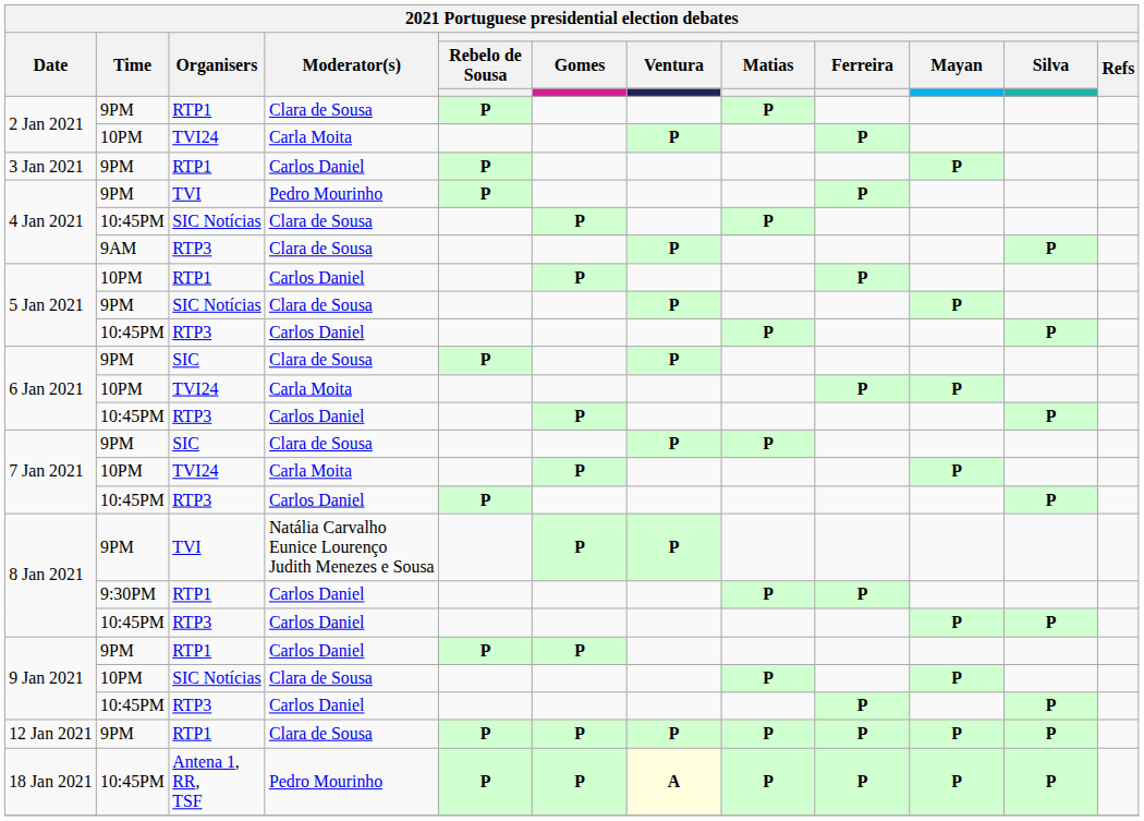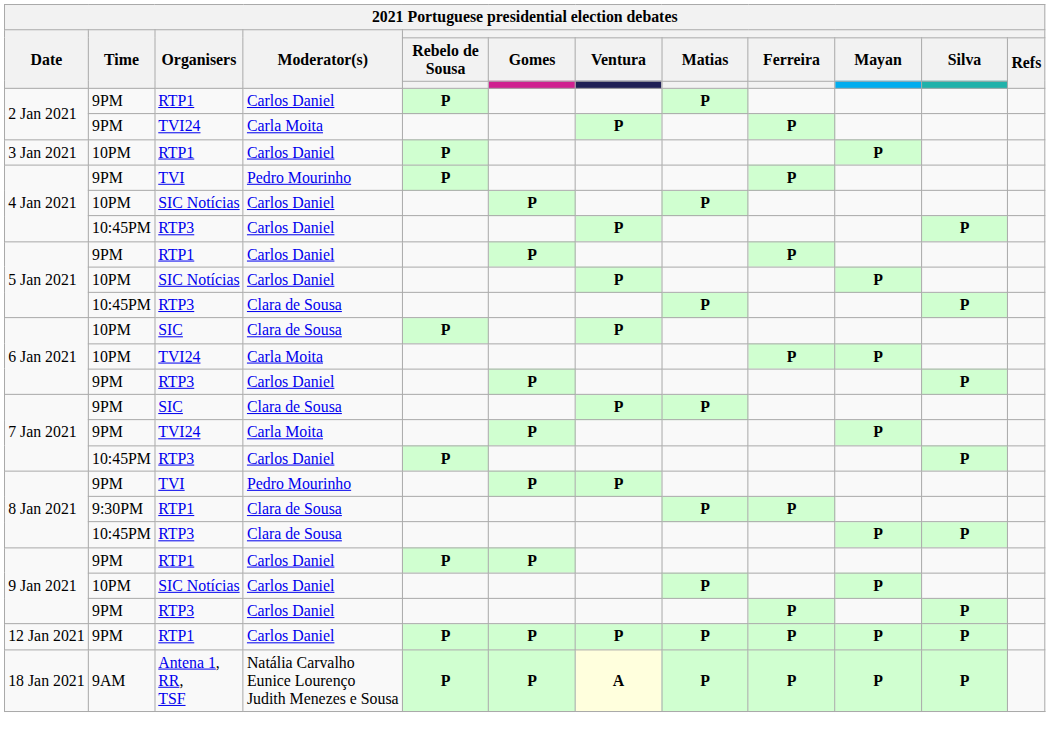 <table class="wikitable" style="font-size:98%; text-align:center;">
 <tr>
 <th colspan="22">2021 Portuguese presidential election debates</th>
 </tr>
 <tr>
 <th rowspan="3">Date</th>
 <th rowspan="3">Time</th>
 <th rowspan="3">Organisers</th>
 <th rowspan="3">Moderator(s)</th>
 <th colspan="19">      </th>
 </tr>
 <tr>
 <th scope="col" style="width:5em;">Rebelo de Sousa</th>
 <th scope="col" style="width:5em;">Gomes</th>
 <th scope="col" style="width:5em;">Ventura</th>
 <th scope="col" style="width:5em;">Matias</th>
 <th scope="col" style="width:5em;">Ferreira</th>
 <th scope="col" style="width:5em;">Mayan</th>
 <th scope="col" style="width:5em;">Silva</th>
 <th rowspan="2">Refs</th>
 </tr>
 <tr>
 <th style="background:"></th>
 <th style="background:#D02090"></th>
 <th style="background:#202056;"></th>
 <th style="background:"></th>
 <th style="background:"></th>
 <th style="background:#00ADEF;"></th>
 <th style="background:LightSeaGreen;"></th>
 </tr>
 <tr>
 <td rowspan="2" style="white-space:nowrap; text-align:left;">2 Jan 2021</td>
 <td style="white-space:nowrap; text-align:left;">9PM</td>
 <td style="white-space:nowrap; text-align:left;"><a href='#'>RTP1</a></td>
-<td style="white-space:nowrap; text-align:left;"><a href='#'>Clara de Sousa</a></td>
+<td style="white-space:nowrap; text-align:left;"><a href='#'>Carlos Daniel</a></td>
 <td style="background:#D0FFD0;"><strong>P</strong></td>
 <td></td>
 <td></td>
 <td style="background:#D0FFD0;"><strong>P</strong></td>
 <td></td>
 <td></td>
 <td></td>
 <td></td>
 </tr>
 <tr>
-<td style="white-space:nowrap; text-align:left;">10PM</td>
+<td style="white-space:nowrap; text-align:left;">9PM</td>
 <td style="white-space:nowrap; text-align:left;"><a href='#'>TVI24</a></td>
 <td style="white-space:nowrap; text-align:left;"><a href='#'>Carla Moita</a></td>
 <td></td>
 <td></td>
 <td style="background:#D0FFD0;"><strong>P</strong></td>
 <td></td>
 <td style="background:#D0FFD0;"><strong>P</strong></td>
 <td></td>
 <td></td>
 <td></td>
 </tr>
 <tr>
 <td style="white-space:nowrap; text-align:left;">3 Jan 2021</td>
-<td style="white-space:nowrap; text-align:left;">9PM</td>
+<td style="white-space:nowrap; text-align:left;">10PM</td>
 <td style="white-space:nowrap; text-align:left;"><a href='#'>RTP1</a></td>
 <td style="white-space:nowrap; text-align:left;"><a href='#'>Carlos Daniel</a></td>
 <td style="background:#D0FFD0;"><strong>P</strong></td>
 <td></td>
 <td></td>
 <td></td>
 <td></td>
 <td style="background:#D0FFD0;"><strong>P</strong></td>
 <td></td>
 <td></td>
 </tr>
 <tr>
 <td rowspan="3" style="white-space:nowrap; text-align:left;">4 Jan 2021</td>
 <td style="white-space:nowrap; text-align:left;">9PM</td>
 <td style="white-space:nowrap; text-align:left;"><a href='#'>TVI</a></td>
 <td style="white-space:nowrap; text-align:left;"><a href='#'>Pedro Mourinho</a></td>
 <td style="background:#D0FFD0;"><strong>P</strong></td>
 <td></td>
 <td></td>
 <td></td>
 <td style="background:#D0FFD0;"><strong>P</strong></td>
 <td></td>
 <td></td>
 <td></td>
 </tr>
 <tr>
-<td style="white-space:nowrap; text-align:left;">10:45PM</td>
+<td style="white-space:nowrap; text-align:left;">10PM</td>
 <td style="white-space:nowrap; text-align:left;"><a href='#'>SIC Notícias</a></td>
-<td style="white-space:nowrap; text-align:left;"><a href='#'>Clara de Sousa</a></td>
+<td style="white-space:nowrap; text-align:left;"><a href='#'>Carlos Daniel</a></td>
 <td></td>
 <td style="background:#D0FFD0;"><strong>P</strong></td>
 <td></td>
 <td style="background:#D0FFD0;"><strong>P</strong></td>
 <td></td>
 <td></td>
 <td></td>
 <td></td>
 </tr>
 <tr>
-<td style="white-space:nowrap; text-align:left;">9AM</td>
+<td style="white-space:nowrap; text-align:left;">10:45PM</td>
 <td style="white-space:nowrap; text-align:left;"><a href='#'>RTP3</a></td>
-<td style="white-space:nowrap; text-align:left;"><a href='#'>Clara de Sousa</a></td>
+<td style="white-space:nowrap; text-align:left;"><a href='#'>Carlos Daniel</a></td>
 <td></td>
 <td></td>
 <td style="background:#D0FFD0;"><strong>P</strong></td>
 <td></td>
 <td></td>
 <td></td>
 <td style="background:#D0FFD0;"><strong>P</strong></td>
 <td></td>
 </tr>
 <tr>
 <td rowspan="3" style="white-space:nowrap; text-align:left;">5 Jan 2021</td>
-<td style="white-space:nowrap; text-align:left;">10PM</td>
+<td style="white-space:nowrap; text-align:left;">9PM</td>
 <td style="white-space:nowrap; text-align:left;"><a href='#'>RTP1</a></td>
 <td style="white-space:nowrap; text-align:left;"><a href='#'>Carlos Daniel</a></td>
 <td></td>
 <td style="background:#D0FFD0;"><strong>P</strong></td>
 <td></td>
 <td></td>
 <td style="background:#D0FFD0;"><strong>P</strong></td>
 <td></td>
 <td></td>
 <td></td>
 </tr>
 <tr>
-<td style="white-space:nowrap; text-align:left;">9PM</td>
+<td style="white-space:nowrap; text-align:left;">10PM</td>
 <td style="white-space:nowrap; text-align:left;"><a href='#'>SIC Notícias</a></td>
-<td style="white-space:nowrap; text-align:left;"><a href='#'>Clara de Sousa</a></td>
+<td style="white-space:nowrap; text-align:left;"><a href='#'>Carlos Daniel</a></td>
 <td></td>
 <td></td>
 <td style="background:#D0FFD0;"><strong>P</strong></td>
 <td></td>
 <td></td>
 <td style="background:#D0FFD0;"><strong>P</strong></td>
 <td></td>
 <td></td>
 </tr>
 <tr>
 <td style="white-space:nowrap; text-align:left;">10:45PM</td>
 <td style="white-space:nowrap; text-align:left;"><a href='#'>RTP3</a></td>
-<td style="white-space:nowrap; text-align:left;"><a href='#'>Carlos Daniel</a></td>
+<td style="white-space:nowrap; text-align:left;"><a href='#'>Clara de Sousa</a></td>
 <td></td>
 <td></td>
 <td></td>
 <td style="background:#D0FFD0;"><strong>P</strong></td>
 <td></td>
 <td></td>
 <td style="background:#D0FFD0;"><strong>P</strong></td>
 <td></td>
 </tr>
 <tr>
 <td rowspan="3" style="white-space:nowrap; text-align:left;">6 Jan 2021</td>
-<td style="white-space:nowrap; text-align:left;">9PM</td>
+<td style="white-space:nowrap; text-align:left;">10PM</td>
 <td style="white-space:nowrap; text-align:left;"><a href='#'>SIC</a></td>
 <td style="white-space:nowrap; text-align:left;"><a href='#'>Clara de Sousa</a></td>
 <td style="background:#D0FFD0;"><strong>P</strong></td>
 <td></td>
 <td style="background:#D0FFD0;"><strong>P</strong></td>
 <td></td>
 <td></td>
 <td></td>
 <td></td>
 <td></td>
 </tr>
 <tr>
 <td style="white-space:nowrap; text-align:left;">10PM</td>
 <td style="white-space:nowrap; text-align:left;"><a href='#'>TVI24</a></td>
 <td style="white-space:nowrap; text-align:left;"><a href='#'>Carla Moita</a></td>
 <td></td>
 <td></td>
 <td></td>
 <td></td>
 <td style="background:#D0FFD0;"><strong>P</strong></td>
 <td style="background:#D0FFD0;"><strong>P</strong></td>
 <td></td>
 <td></td>
 </tr>
 <tr>
-<td style="white-space:nowrap; text-align:left;">10:45PM</td>
+<td style="white-space:nowrap; text-align:left;">9PM</td>
 <td style="white-space:nowrap; text-align:left;"><a href='#'>RTP3</a></td>
 <td style="white-space:nowrap; text-align:left;"><a href='#'>Carlos Daniel</a></td>
 <td></td>
 <td style="background:#D0FFD0;"><strong>P</strong></td>
 <td></td>
 <td></td>
 <td></td>
 <td></td>
 <td style="background:#D0FFD0;"><strong>P</strong></td>
 <td></td>
 </tr>
 <tr>
 <td rowspan="3" style="white-space:nowrap; text-align:left;">7 Jan 2021</td>
 <td style="white-space:nowrap; text-align:left;">9PM</td>
 <td style="white-space:nowrap; text-align:left;"><a href='#'>SIC</a></td>
 <td style="white-space:nowrap; text-align:left;"><a href='#'>Clara de Sousa</a></td>
 <td></td>
 <td></td>
 <td style="background:#D0FFD0;"><strong>P</strong></td>
 <td style="background:#D0FFD0;"><strong>P</strong></td>
 <td></td>
 <td></td>
 <td></td>
 <td></td>
 </tr>
 <tr>
-<td style="white-space:nowrap; text-align:left;">10PM</td>
+<td style="white-space:nowrap; text-align:left;">9PM</td>
 <td style="white-space:nowrap; text-align:left;"><a href='#'>TVI24</a></td>
 <td style="white-space:nowrap; text-align:left;"><a href='#'>Carla Moita</a></td>
 <td></td>
 <td style="background:#D0FFD0;"><strong>P</strong></td>
 <td></td>
 <td></td>
 <td></td>
 <td style="background:#D0FFD0;"><strong>P</strong></td>
 <td></td>
 <td></td>
 </tr>
 <tr>
 <td style="white-space:nowrap; text-align:left;">10:45PM</td>
 <td style="white-space:nowrap; text-align:left;"><a href='#'>RTP3</a></td>
 <td style="white-space:nowrap; text-align:left;"><a href='#'>Carlos Daniel</a></td>
 <td style="background:#D0FFD0;"><strong>P</strong></td>
 <td></td>
 <td></td>
 <td></td>
 <td></td>
 <td></td>
 <td style="background:#D0FFD0;"><strong>P</strong></td>
 <td></td>
 </tr>
 <tr>
 <td rowspan="3" style="white-space:nowrap; text-align:left;">8 Jan 2021</td>
 <td style="white-space:nowrap; text-align:left;">9PM</td>
 <td style="white-space:nowrap; text-align:left;"><a href='#'>TVI</a></td>
-<td style="white-space:nowrap; text-align:left;">Natália Carvalho<br>Eunice Lourenço<br>Judith Menezes e Sousa</td>
+<td style="white-space:nowrap; text-align:left;"><a href='#'>Pedro Mourinho</a></td>
 <td></td>
 <td style="background:#D0FFD0;"><strong>P</strong></td>
 <td style="background:#D0FFD0;"><strong>P</strong></td>
 <td></td>
 <td></td>
 <td></td>
 <td></td>
 <td></td>
 </tr>
 <tr>
 <td style="white-space:nowrap; text-align:left;">9:30PM</td>
 <td style="white-space:nowrap; text-align:left;"><a href='#'>RTP1</a></td>
-<td style="white-space:nowrap; text-align:left;"><a href='#'>Carlos Daniel</a></td>
+<td style="white-space:nowrap; text-align:left;"><a href='#'>Clara de Sousa</a></td>
 <td></td>
 <td></td>
 <td></td>
 <td style="background:#D0FFD0;"><strong>P</strong></td>
 <td style="background:#D0FFD0;"><strong>P</strong></td>
 <td></td>
 <td></td>
 <td></td>
 </tr>
 <tr>
 <td style="white-space:nowrap; text-align:left;">10:45PM</td>
 <td style="white-space:nowrap; text-align:left;"><a href='#'>RTP3</a></td>
-<td style="white-space:nowrap; text-align:left;"><a href='#'>Carlos Daniel</a></td>
+<td style="white-space:nowrap; text-align:left;"><a href='#'>Clara de Sousa</a></td>
 <td></td>
 <td></td>
 <td></td>
 <td></td>
 <td></td>
 <td style="background:#D0FFD0;"><strong>P</strong></td>
 <td style="background:#D0FFD0;"><strong>P</strong></td>
 <td></td>
 </tr>
 <tr>
 <td rowspan="3" style="white-space:nowrap; text-align:left;">9 Jan 2021</td>
 <td style="white-space:nowrap; text-align:left;">9PM</td>
 <td style="white-space:nowrap; text-align:left;"><a href='#'>RTP1</a></td>
 <td style="white-space:nowrap; text-align:left;"><a href='#'>Carlos Daniel</a></td>
 <td style="background:#D0FFD0;"><strong>P</strong></td>
 <td style="background:#D0FFD0;"><strong>P</strong></td>
 <td></td>
 <td></td>
 <td></td>
 <td></td>
 <td></td>
 <td></td>
 </tr>
 <tr>
 <td style="white-space:nowrap; text-align:left;">10PM</td>
 <td style="white-space:nowrap; text-align:left;"><a href='#'>SIC Notícias</a></td>
-<td style="white-space:nowrap; text-align:left;"><a href='#'>Clara de Sousa</a></td>
+<td style="white-space:nowrap; text-align:left;"><a href='#'>Carlos Daniel</a></td>
 <td></td>
 <td></td>
 <td></td>
 <td style="background:#D0FFD0;"><strong>P</strong></td>
 <td></td>
 <td style="background:#D0FFD0;"><strong>P</strong></td>
 <td></td>
 <td></td>
 </tr>
 <tr>
-<td style="white-space:nowrap; text-align:left;">10:45PM</td>
+<td style="white-space:nowrap; text-align:left;">9PM</td>
 <td style="white-space:nowrap; text-align:left;"><a href='#'>RTP3</a></td>
 <td style="white-space:nowrap; text-align:left;"><a href='#'>Carlos Daniel</a></td>
 <td></td>
 <td></td>
 <td></td>
 <td></td>
 <td style="background:#D0FFD0;"><strong>P</strong></td>
 <td></td>
 <td style="background:#D0FFD0;"><strong>P</strong></td>
 <td></td>
 </tr>
 <tr>
 <td style="white-space:nowrap; text-align:left;">12 Jan 2021</td>
 <td style="white-space:nowrap; text-align:left;">9PM</td>
 <td style="white-space:nowrap; text-align:left;"><a href='#'>RTP1</a></td>
-<td style="white-space:nowrap; text-align:left;"><a href='#'>Clara de Sousa</a></td>
+<td style="white-space:nowrap; text-align:left;"><a href='#'>Carlos Daniel</a></td>
 <td style="background:#D0FFD0;"><strong>P</strong></td>
 <td style="background:#D0FFD0;"><strong>P</strong></td>
 <td style="background:#D0FFD0;"><strong>P</strong></td>
 <td style="background:#D0FFD0;"><strong>P</strong></td>
 <td style="background:#D0FFD0;"><strong>P</strong></td>
 <td style="background:#D0FFD0;"><strong>P</strong></td>
 <td style="background:#D0FFD0;"><strong>P</strong></td>
 <td></td>
 </tr>
 <tr>
 <td style="white-space:nowrap; text-align:left;">18 Jan 2021</td>
-<td style="white-space:nowrap; text-align:left;">10:45PM</td>
+<td style="white-space:nowrap; text-align:left;">9AM</td>
 <td style="white-space:nowrap; text-align:left;"><a href='#'>Antena 1</a>,<br><a href='#'>RR</a>,<br><a href='#'>TSF</a></td>
-<td style="white-space:nowrap; text-align:left;"><a href='#'>Pedro Mourinho</a></td>
+<td style="white-space:nowrap; text-align:left;">Natália Carvalho<br>Eunice Lourenço<br>Judith Menezes e Sousa</td>
 <td style="background:#D0FFD0;"><strong>P</strong></td>
 <td style="background:#D0FFD0;"><strong>P</strong></td>
 <td style="background:#ffffdd;"><strong>A</strong></td>
 <td style="background:#D0FFD0;"><strong>P</strong></td>
 <td style="background:#D0FFD0;"><strong>P</strong></td>
 <td style="background:#D0FFD0;"><strong>P</strong></td>
 <td style="background:#D0FFD0;"><strong>P</strong></td>
 <td></td>
 </tr>
 <tr>
 </tr>
 </table>
